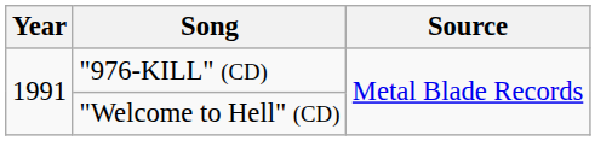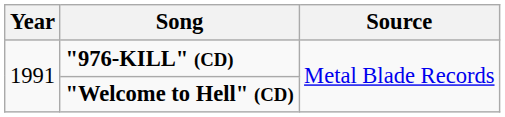 <table class="wikitable">
 <tr>
 <th>Year</th>
 <th>Song</th>
 <th>Source</th>
 </tr>
 <tr>
 <td rowspan="2">1991</td>
-<td>"976-KILL" <small>(CD)</small></td>
+<td><strong>"976-KILL" <small>(CD)</small></strong></td>
 <td rowspan="2"><a href='#'>Metal Blade Records</a></td>
 </tr>
 <tr>
-<td>"Welcome to Hell" <small>(CD)</small></td>
+<td><strong>"Welcome to Hell" <small>(CD)</small></strong></td>
 </tr>
 </table>
